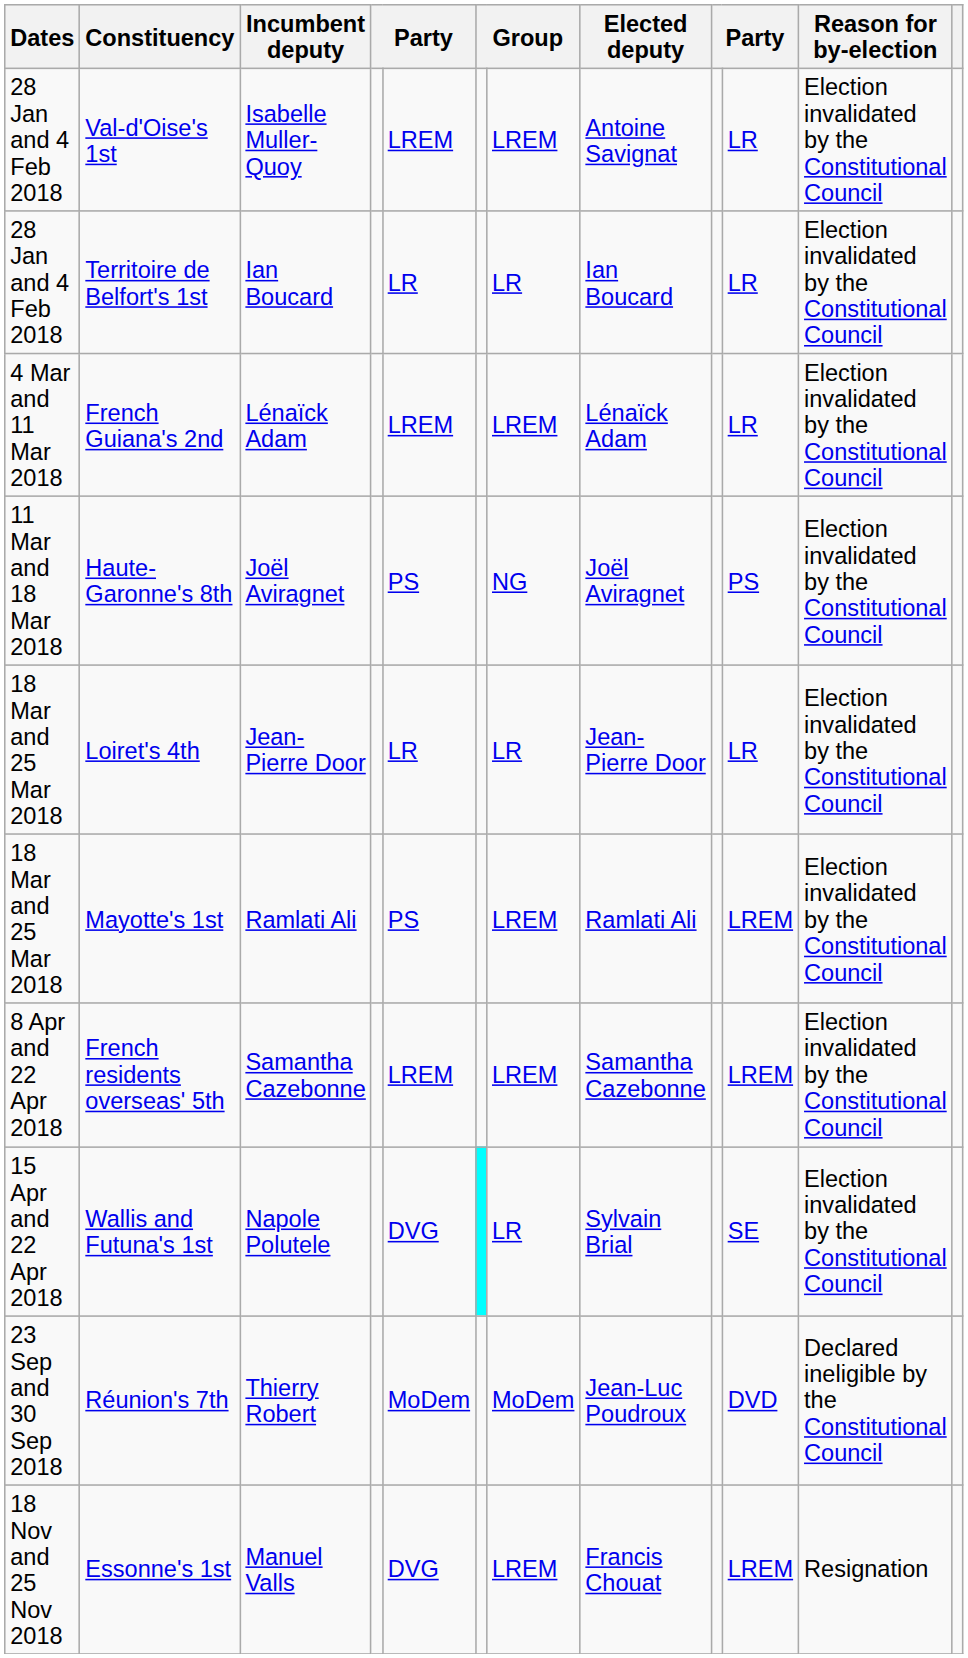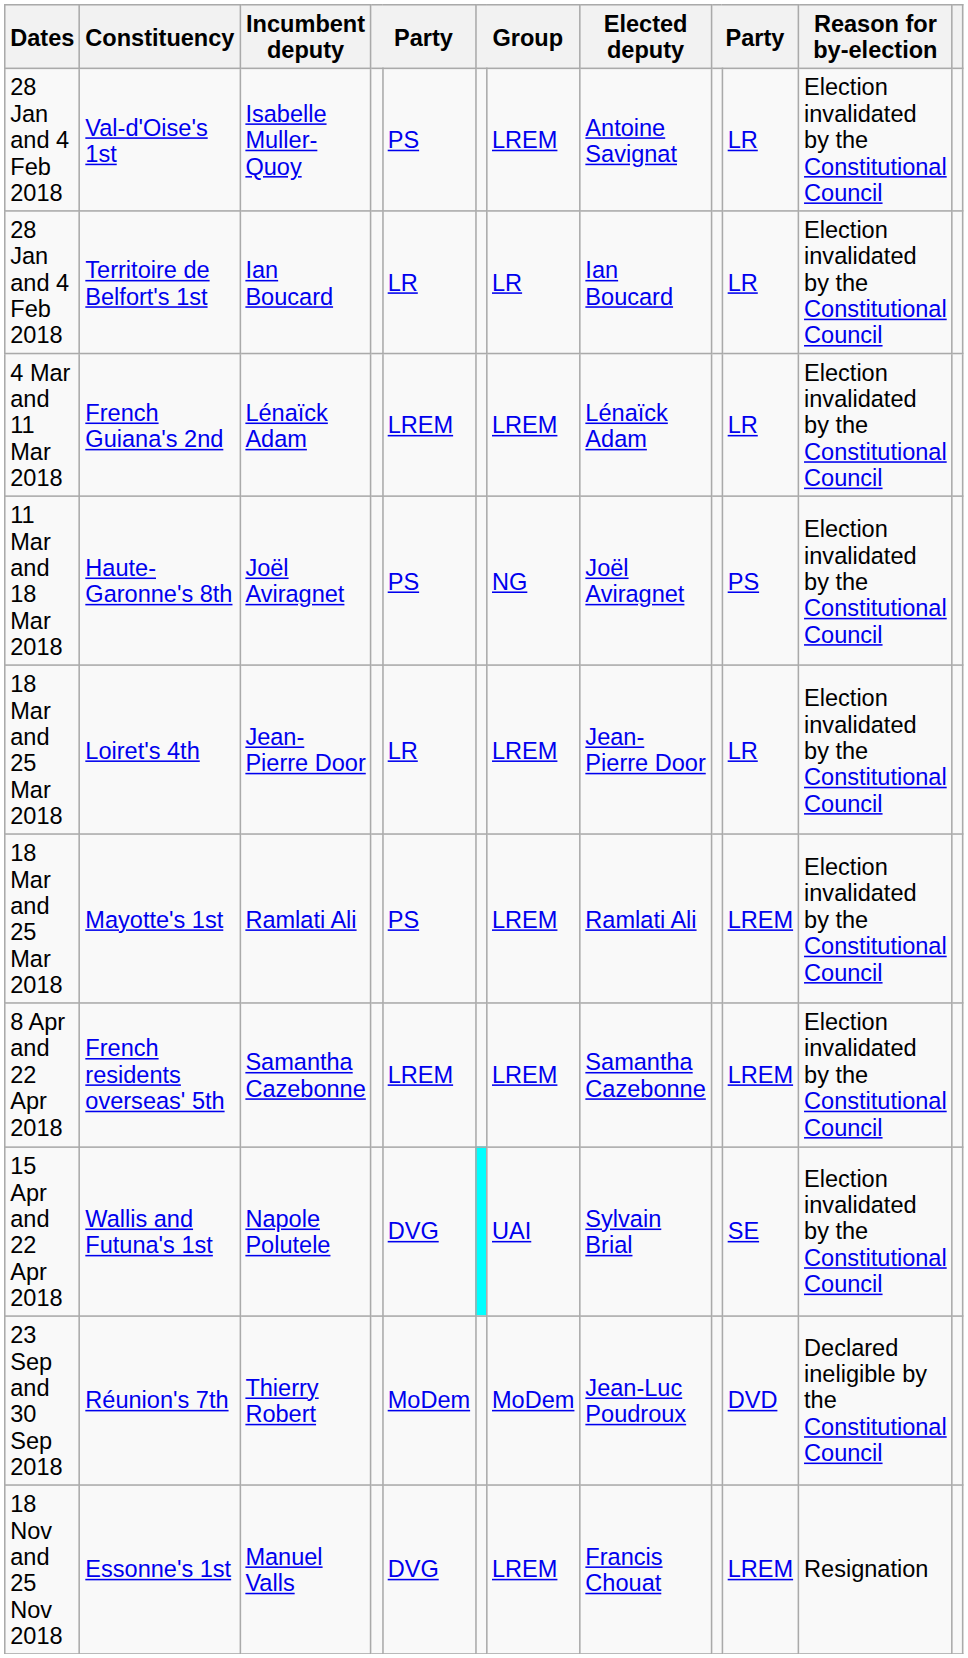 <table class="wikitable sortable" style="font-size:95%;">
 <tr>
 <th>Dates</th>
 <th>Constituency</th>
 <th>Incumbent deputy</th>
 <th colspan="2">Party</th>
 <th colspan="2">Group</th>
 <th>Elected deputy</th>
 <th colspan="2">Party</th>
 <th>Reason for by-election</th>
 <th class="unsortable"></th>
 </tr>
 <tr>
 <td data-sort-value="2018-01-28">28 Jan and 4 Feb 2018</td>
 <td data-sort-value="09501"><a href='#'>Val-d'Oise's 1st</a></td>
 <td data-sort-value="Muller-Quoy, Isabelle"><a href='#'>Isabelle Muller-Quoy</a></td>
 <td style="background:"></td>
-<td><a href='#'>LREM</a></td>
+<td><a href='#'>PS</a></td>
 <td style="background:"></td>
 <td><a href='#'>LREM</a></td>
 <td data-sort-value="Savignat, Antoine"><a href='#'>Antoine Savignat</a></td>
 <td style="background:"></td>
 <td><a href='#'>LR</a></td>
 <td>Election invalidated by the <a href='#'>Constitutional Council</a></td>
 <td></td>
 </tr>
 <tr>
 <td data-sort-value="2018-01-28">28 Jan and 4 Feb 2018</td>
 <td data-sort-value="09001"><a href='#'>Territoire de Belfort's 1st</a></td>
 <td data-sort-value="Boucard, Ian"><a href='#'>Ian Boucard</a></td>
 <td style="background:"></td>
 <td><a href='#'>LR</a></td>
 <td style="background:"></td>
 <td><a href='#'>LR</a></td>
 <td data-sort-value="Boucard, Ian"><a href='#'>Ian Boucard</a></td>
 <td style="background:"></td>
 <td><a href='#'>LR</a></td>
 <td>Election invalidated by the <a href='#'>Constitutional Council</a></td>
 <td></td>
 </tr>
 <tr>
 <td data-sort-value="2018-03-04">4 Mar and 11 Mar 2018</td>
 <td data-sort-value="97302"><a href='#'>French Guiana's 2nd</a></td>
 <td data-sort-value="Adam, Lenaick"><a href='#'>Lénaïck Adam</a></td>
 <td style="background:"></td>
 <td><a href='#'>LREM</a></td>
 <td style="background:"></td>
 <td><a href='#'>LREM</a></td>
 <td data-sort-value="Adam, Lenaick"><a href='#'>Lénaïck Adam</a></td>
 <td style="background:"></td>
 <td><a href='#'>LR</a></td>
 <td>Election invalidated by the <a href='#'>Constitutional Council</a></td>
 <td></td>
 </tr>
 <tr>
 <td data-sort-value="2018-03-11">11 Mar and 18 Mar 2018</td>
 <td data-sort-value="03108"><a href='#'>Haute-Garonne's 8th</a></td>
 <td data-sort-value="Aviragnet, Joel"><a href='#'>Joël Aviragnet</a></td>
 <td style="background:"></td>
 <td><a href='#'>PS</a></td>
 <td style="background:"></td>
 <td><a href='#'>NG</a></td>
 <td data-sort-value="Aviragnet, Joel"><a href='#'>Joël Aviragnet</a></td>
 <td style="background:"></td>
 <td><a href='#'>PS</a></td>
 <td>Election invalidated by the <a href='#'>Constitutional Council</a></td>
 <td></td>
 </tr>
 <tr>
 <td data-sort-value="2018-03-18">18 Mar and 25 Mar 2018</td>
 <td data-sort-value="04504"><a href='#'>Loiret's 4th</a></td>
 <td data-sort-value="Door, Jean-Pierre"><a href='#'>Jean-Pierre Door</a></td>
 <td style="background:"></td>
 <td><a href='#'>LR</a></td>
 <td style="background:"></td>
-<td><a href='#'>LR</a></td>
+<td><a href='#'>LREM</a></td>
 <td data-sort-value="Door, Jean-Pierre"><a href='#'>Jean-Pierre Door</a></td>
 <td style="background:"></td>
 <td><a href='#'>LR</a></td>
 <td>Election invalidated by the <a href='#'>Constitutional Council</a></td>
 <td></td>
 </tr>
 <tr>
 <td data-sort-value="2018-03-18">18 Mar and 25 Mar 2018</td>
 <td data-sort-value="97601"><a href='#'>Mayotte's 1st</a></td>
 <td data-sort-value="Ali, Ramlati"><a href='#'>Ramlati Ali</a></td>
 <td style="background:"></td>
 <td><a href='#'>PS</a></td>
 <td style="background:"></td>
 <td><a href='#'>LREM</a></td>
 <td data-sort-value="Ali, Ramlati"><a href='#'>Ramlati Ali</a></td>
 <td style="background:"></td>
 <td><a href='#'>LREM</a></td>
 <td>Election invalidated by the <a href='#'>Constitutional Council</a></td>
 <td></td>
 </tr>
 <tr>
 <td data-sort-value="2018-04-08">8 Apr and 22 Apr 2018</td>
 <td data-sort-value="09905"><a href='#'>French residents overseas' 5th</a></td>
 <td data-sort-value="Cazebonne, Samantha"><a href='#'>Samantha Cazebonne</a></td>
 <td style="background:"></td>
 <td><a href='#'>LREM</a></td>
 <td style="background:"></td>
 <td><a href='#'>LREM</a></td>
 <td data-sort-value="Cazebonne, Samantha"><a href='#'>Samantha Cazebonne</a></td>
 <td style="background:"></td>
 <td><a href='#'>LREM</a></td>
 <td>Election invalidated by the <a href='#'>Constitutional Council</a></td>
 <td></td>
 </tr>
 <tr>
 <td data-sort-value="2018-04-15">15 Apr and 22 Apr 2018</td>
 <td data-sort-value="98601"><a href='#'>Wallis and Futuna's 1st</a></td>
 <td data-sort-value="Polutele, Napole"><a href='#'>Napole Polutele</a></td>
 <td style="background:"></td>
 <td><a href='#'>DVG</a></td>
 <td style="background:#00FFFF;"></td>
-<td><a href='#'>LR</a></td>
+<td><a href='#'>UAI</a> </td>
 <td data-sort-value="Brial, Sylvain"><a href='#'>Sylvain Brial</a></td>
 <td style="background:"></td>
 <td><a href='#'>SE</a></td>
 <td>Election invalidated by the <a href='#'>Constitutional Council</a></td>
 <td></td>
 </tr>
 <tr>
 <td data-sort-value="2018-07-06">23 Sep and 30 Sep 2018</td>
 <td data-sort-value="98601"><a href='#'>Réunion's 7th</a></td>
 <td data-sort-value="Robert, Thierry"><a href='#'>Thierry Robert</a></td>
 <td style="background:"></td>
 <td><a href='#'>MoDem</a></td>
 <td style="background:"></td>
 <td><a href='#'>MoDem</a></td>
 <td data-sort-value="Poudroux, Jean-Luc"><a href='#'>Jean-Luc Poudroux</a></td>
 <td style="background:"></td>
 <td><a href='#'>DVD</a></td>
 <td>Declared ineligible by the <a href='#'>Constitutional Council</a></td>
 <td></td>
 </tr>
 <tr>
 <td data-sort-value="2018-07-06">18 Nov and 25 Nov 2018</td>
 <td data-sort-value="98601"><a href='#'>Essonne's 1st</a></td>
 <td data-sort-value="Valls, Manuel"><a href='#'>Manuel Valls</a></td>
 <td style="background:"></td>
 <td><a href='#'>DVG</a></td>
 <td style="background:"></td>
 <td><a href='#'>LREM</a></td>
 <td data-sort-value="Chouat, Francis"><a href='#'>Francis Chouat</a></td>
 <td style="background:"></td>
 <td><a href='#'>LREM</a></td>
 <td>Resignation</td>
 <td></td>
 </tr>
 </table>
